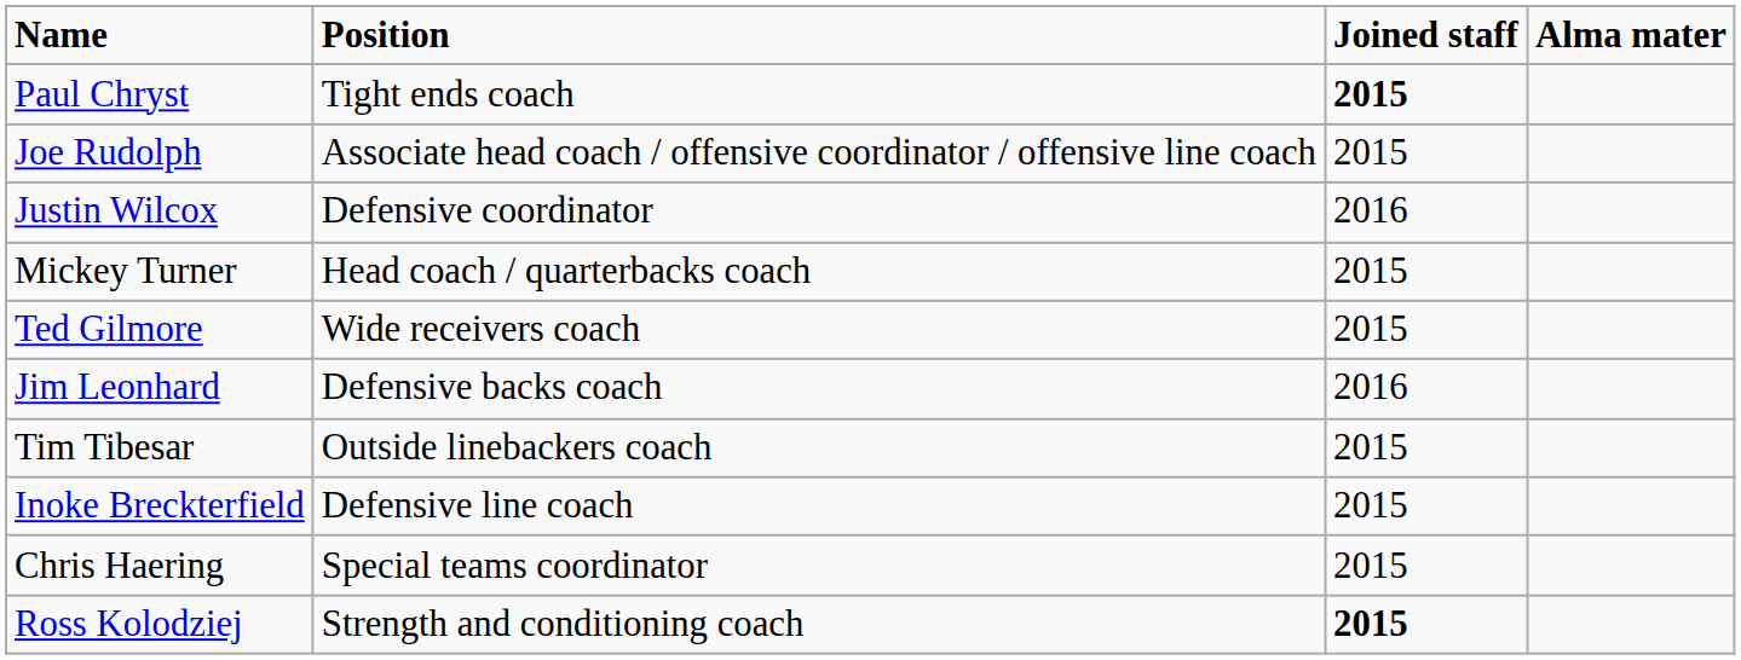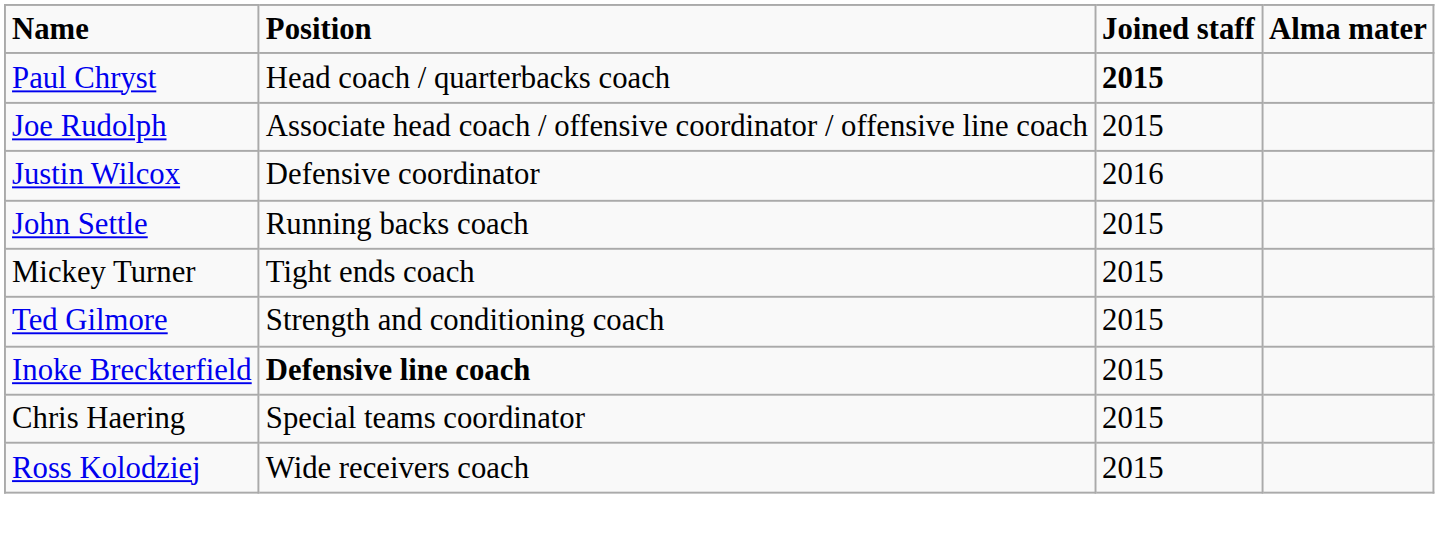 <table class="wikitable">
 <tr>
 <td><strong>Name</strong></td>
 <td><strong>Position</strong></td>
 <td><strong>Joined staff</strong></td>
 <td><strong>Alma mater</strong></td>
 </tr>
 <tr>
 <td><a href='#'>Paul Chryst</a></td>
-<td>Tight ends coach</td>
+<td>Head coach / quarterbacks coach</td>
 <td><strong>2015</strong></td>
 <td></td>
 </tr>
 <tr>
 <td><a href='#'>Joe Rudolph</a></td>
 <td>Associate head coach / offensive coordinator / offensive line coach</td>
 <td>2015</td>
 <td></td>
 </tr>
 <tr>
 <td><a href='#'>Justin Wilcox</a></td>
 <td>Defensive coordinator</td>
 <td>2016</td>
 <td></td>
 </tr>
 <tr>
+<td><a href='#'>John Settle</a></td>
+<td>Running backs coach</td>
+<td>2015</td>
+<td></td>
+</tr>
+<tr>
 <td>Mickey Turner</td>
-<td>Head coach / quarterbacks coach</td>
+<td>Tight ends coach</td>
 <td>2015</td>
 <td></td>
 </tr>
 <tr>
 <td><a href='#'>Ted Gilmore</a></td>
-<td>Wide receivers coach</td>
-<td>2015</td>
-<td></td>
-</tr>
-<tr>
-<td><a href='#'>Jim Leonhard</a></td>
-<td>Defensive backs coach</td>
-<td>2016</td>
-<td></td>
-</tr>
-<tr>
-<td>Tim Tibesar</td>
-<td>Outside linebackers coach</td>
+<td>Strength and conditioning coach</td>
 <td>2015</td>
 <td></td>
 </tr>
 <tr>
 <td><a href='#'>Inoke Breckterfield</a></td>
-<td>Defensive line coach</td>
+<td><strong>Defensive line coach</strong></td>
 <td>2015</td>
 <td></td>
 </tr>
 <tr>
 <td>Chris Haering</td>
 <td>Special teams coordinator</td>
 <td>2015</td>
 <td></td>
 </tr>
 <tr>
 <td><a href='#'>Ross Kolodziej</a></td>
-<td>Strength and conditioning coach</td>
-<td><strong>2015</strong></td>
+<td>Wide receivers coach</td>
+<td>2015</td>
 <td></td>
 </tr>
 </table>
